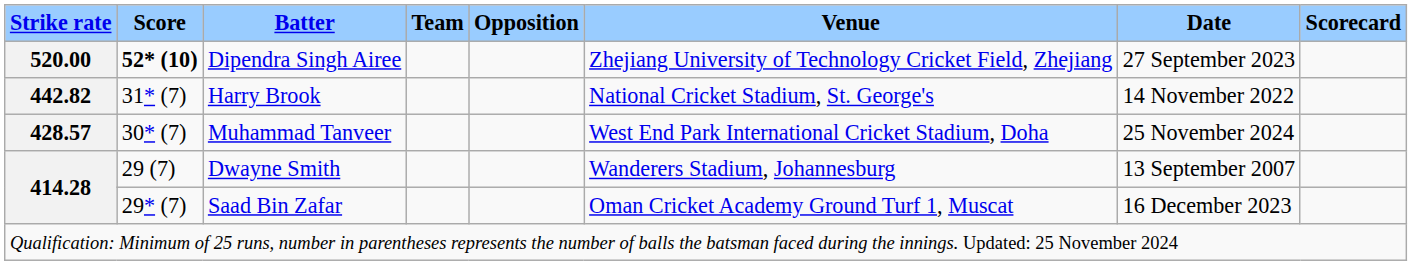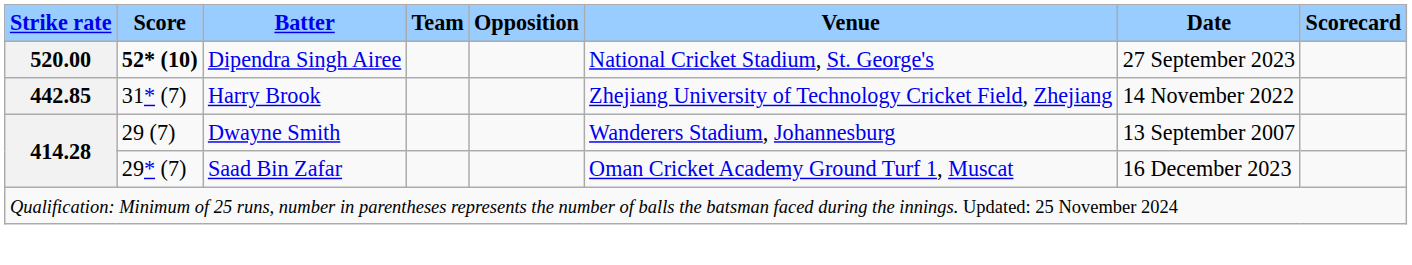 <table class="wikitable sortable" style="font-size: 95%">
 <tr>
 <th scope="col" style="background-color:#9cf;"><a href='#'>Strike rate</a></th>
 <th scope="col" style="background-color:#9cf;">Score</th>
 <th scope="col" style="background-color:#9cf;"><a href='#'>Batter</a></th>
 <th scope="col" style="background-color:#9cf;">Team</th>
 <th scope="col" style="background-color:#9cf;">Opposition</th>
 <th scope="col" style="background-color:#9cf;">Venue</th>
 <th scope="col" style="background-color:#9cf;">Date</th>
 <th scope="col" style="background-color:#9cf;">Scorecard</th>
 </tr>
 <tr>
 <th scope="row">520.00</th>
 <td><strong>52* (10)</strong></td>
 <td><a href='#'>Dipendra Singh Airee</a></td>
 <td></td>
 <td></td>
-<td><a href='#'>Zhejiang University of Technology Cricket Field</a>, <a href='#'>Zhejiang</a></td>
+<td><a href='#'>National Cricket Stadium</a>, <a href='#'>St. George's</a></td>
 <td>27 September 2023</td>
 <td></td>
 </tr>
 <tr>
-<th scope="row">442.82</th>
+<th scope="row">442.85</th>
 <td>31<a href='#'>*</a> (7)</td>
 <td><a href='#'>Harry Brook</a></td>
 <td></td>
 <td></td>
-<td><a href='#'>National Cricket Stadium</a>, <a href='#'>St. George's</a></td>
+<td><a href='#'>Zhejiang University of Technology Cricket Field</a>, <a href='#'>Zhejiang</a></td>
 <td>14 November 2022</td>
-<td></td>
-</tr>
-<tr>
-<th scope="row">428.57</th>
-<td>30<a href='#'>*</a> (7)</td>
-<td><a href='#'>Muhammad Tanveer</a></td>
-<td></td>
-<td></td>
-<td><a href='#'>West End Park International Cricket Stadium</a>, <a href='#'>Doha</a></td>
-<td>25 November 2024</td>
 <td></td>
 </tr>
 <tr>
 <th scope="row" rowspan=2>414.28</th>
 <td>29 (7)</td>
 <td><a href='#'>Dwayne Smith</a></td>
 <td></td>
 <td></td>
 <td><a href='#'>Wanderers Stadium</a>, <a href='#'>Johannesburg</a></td>
 <td>13 September 2007</td>
 <td></td>
 </tr>
 <tr>
 <td>29<a href='#'>*</a> (7)</td>
 <td><a href='#'>Saad Bin Zafar</a></td>
 <td></td>
 <td></td>
 <td><a href='#'>Oman Cricket Academy Ground Turf 1</a>, <a href='#'>Muscat</a></td>
 <td>16 December 2023</td>
 <td></td>
 </tr>
 <tr class="sortbottom">
 <td scope="row" colspan=8 style="text-align:left;"><small><em>Qualification: Minimum of 25 runs, number in parentheses represents the number of balls the batsman faced during the innings.</em> Updated: 25 November 2024</small></td>
 </tr>
 </table>
